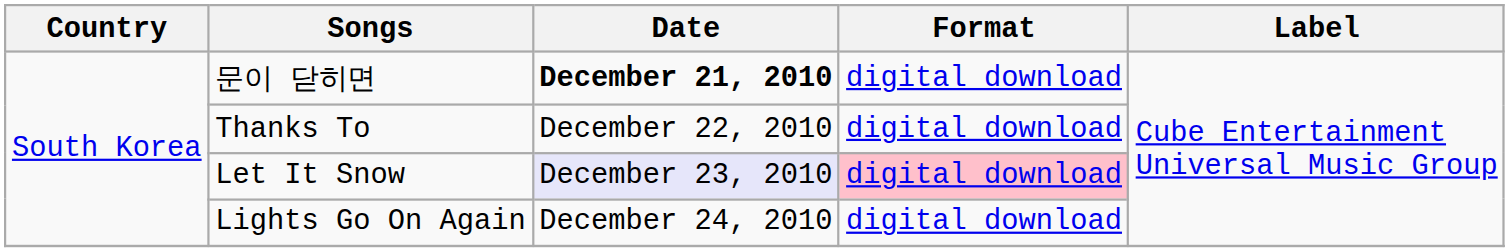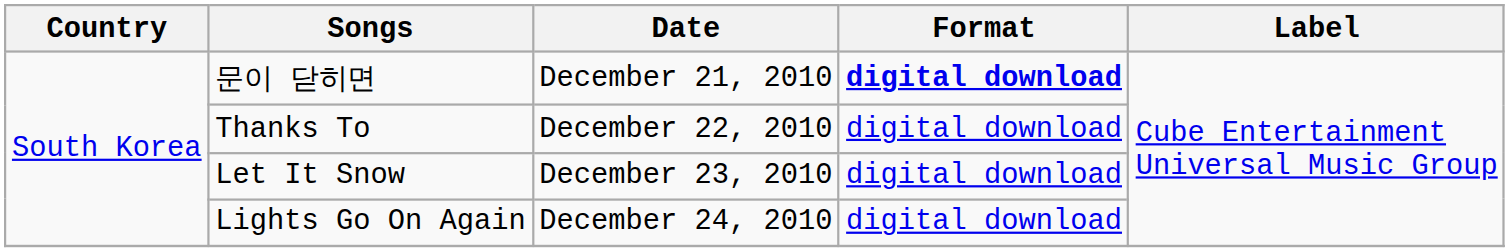 <table class="wikitable">
 <tr>
 <th>Country</th>
 <th>Songs</th>
 <th>Date</th>
 <th>Format</th>
 <th>Label</th>
 </tr>
 <tr>
 <td rowspan="4"><a href='#'>South Korea</a></td>
 <td>문이 닫히면</td>
-<td><strong>December 21, 2010</strong></td>
-<td><a href='#'>digital download</a></td>
+<td>December 21, 2010</td>
+<td><strong><a href='#'>digital download</a></strong></td>
 <td rowspan="4"><a href='#'>Cube Entertainment</a><br><a href='#'>Universal Music Group</a></td>
 </tr>
 <tr>
 <td>Thanks To</td>
 <td>December 22, 2010</td>
 <td><a href='#'>digital download</a></td>
 </tr>
 <tr>
 <td>Let It Snow</td>
-<td style="background: lavender;">December 23, 2010</td>
-<td style="background: pink;"><a href='#'>digital download</a></td>
+<td>December 23, 2010</td>
+<td><a href='#'>digital download</a></td>
 </tr>
 <tr>
 <td>Lights Go On Again</td>
 <td>December 24, 2010</td>
 <td><a href='#'>digital download</a></td>
 </tr>
 <tr>
 </tr>
 </table>
